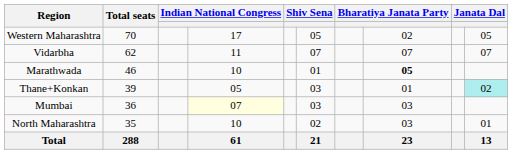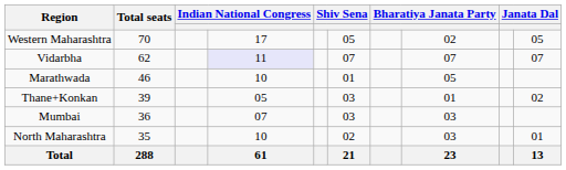 <table class="wikitable" style="text-align:center;">
 <tr>
 <th rowspan="2">Region</th>
 <th rowspan="2">Total seats</th>
 <th colspan="2"><a href='#'>Indian National Congress</a></th>
 <th colspan="2"><a href='#'>Shiv Sena</a></th>
 <th colspan="2"><a href='#'>Bharatiya Janata Party</a></th>
 <th colspan="2"><a href='#'>Janata Dal</a></th>
 </tr>
 <tr>
 <th colspan="2" style="background-color: "></th>
 <th colspan="2" style="background-color: "></th>
 <th colspan="2" style="background-color: "></th>
 <th colspan="2" style="background-color: "></th>
 </tr>
 <tr>
 <td>Western Maharashtra</td>
 <td>70</td>
 <td></td>
 <td> 17</td>
 <td></td>
 <td> 05</td>
 <td></td>
 <td> 02</td>
 <td></td>
 <td> 05</td>
 </tr>
 <tr>
 <td>Vidarbha</td>
 <td>62</td>
 <td></td>
-<td> 11</td>
+<td style="background: lavender;"> 11</td>
 <td></td>
 <td> 07</td>
 <td></td>
 <td> 07</td>
 <td></td>
 <td> 07</td>
 </tr>
 <tr>
 <td>Marathwada</td>
 <td>46</td>
 <td></td>
 <td> 10</td>
 <td></td>
 <td> 01</td>
 <td></td>
-<td><strong> 05</strong></td>
+<td> 05</td>
 <td></td>
 <td></td>
 </tr>
 <tr>
 <td>Thane+Konkan</td>
 <td>39</td>
 <td></td>
 <td> 05</td>
 <td></td>
 <td> 03</td>
 <td></td>
 <td> 01</td>
 <td></td>
-<td style="background: paleturquoise;"> 02</td>
+<td> 02</td>
 </tr>
 <tr>
 <td>Mumbai</td>
 <td>36</td>
 <td></td>
-<td style="background: lightyellow;"> 07</td>
+<td> 07</td>
 <td></td>
 <td> 03</td>
 <td></td>
 <td> 03</td>
 <td></td>
 <td></td>
 </tr>
 <tr>
 <td>North Maharashtra</td>
 <td>35</td>
 <td></td>
 <td> 10</td>
 <td></td>
 <td> 02</td>
 <td></td>
 <td> 03</td>
 <td></td>
 <td> 01</td>
 </tr>
 <tr>
 <th><strong>Total</strong></th>
 <th><strong>288</strong></th>
 <th></th>
 <th> 61</th>
 <th></th>
 <th> 21</th>
 <th></th>
 <th>23</th>
 <th></th>
 <th> 13</th>
 </tr>
 </table>
